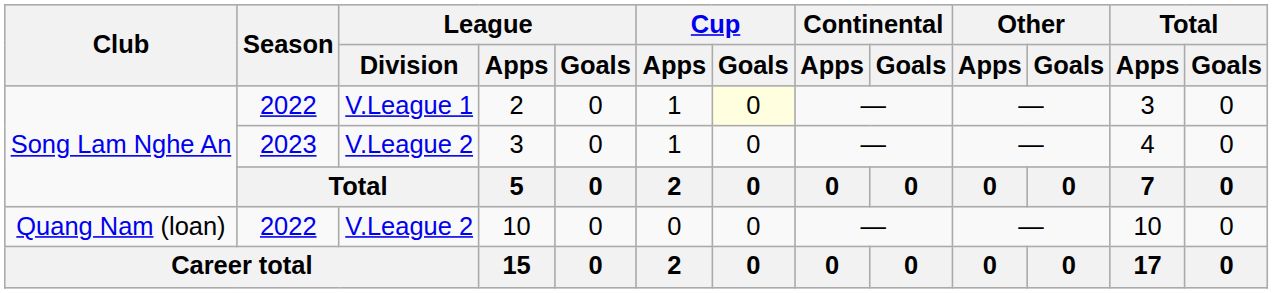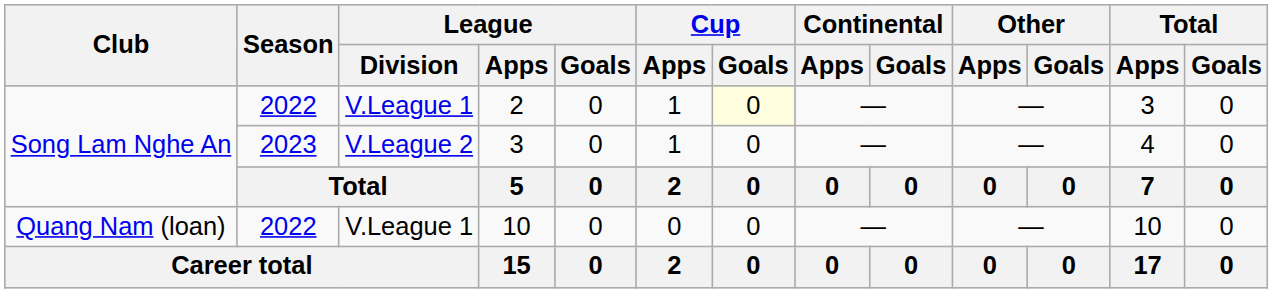 <table class="wikitable" style="text-align: center">
 <tr>
 <th rowspan="2">Club</th>
 <th rowspan="2">Season</th>
 <th colspan="3">League</th>
 <th colspan="2"><a href='#'>Cup</a></th>
 <th colspan="2">Continental</th>
 <th colspan="2">Other</th>
 <th colspan="2">Total</th>
 </tr>
 <tr>
 <th>Division</th>
 <th>Apps</th>
 <th>Goals</th>
 <th>Apps</th>
 <th>Goals</th>
 <th>Apps</th>
 <th>Goals</th>
 <th>Apps</th>
 <th>Goals</th>
 <th>Apps</th>
 <th>Goals</th>
 </tr>
 <tr>
 <td rowspan=3><a href='#'>Song Lam Nghe An</a></td>
 <td><a href='#'>2022</a></td>
 <td><a href='#'>V.League 1</a></td>
 <td>2</td>
 <td>0</td>
 <td>1</td>
 <td style="background: lightyellow;">0</td>
 <td colspan="2">—</td>
 <td colspan="2">—</td>
 <td>3</td>
 <td>0</td>
 </tr>
 <tr>
 <td><a href='#'>2023</a></td>
 <td><a href='#'>V.League 2</a></td>
 <td>3</td>
 <td>0</td>
 <td>1</td>
 <td>0</td>
 <td colspan="2">—</td>
 <td colspan="2">—</td>
 <td>4</td>
 <td>0</td>
 </tr>
 <tr>
 <th colspan=2>Total</th>
 <th>5</th>
 <th>0</th>
 <th>2</th>
 <th>0</th>
 <th>0</th>
 <th>0</th>
 <th>0</th>
 <th>0</th>
 <th>7</th>
 <th>0</th>
 </tr>
 <tr>
 <td><a href='#'>Quang Nam</a> (loan)</td>
 <td><a href='#'>2022</a></td>
-<td><a href='#'>V.League 2</a></td>
+<td>V.League 1</td>
 <td>10</td>
 <td>0</td>
 <td>0</td>
 <td>0</td>
 <td colspan="2">—</td>
 <td colspan="2">—</td>
 <td>10</td>
 <td>0</td>
 </tr>
 <tr>
 <th colspan=3>Career total</th>
 <th>15</th>
 <th>0</th>
 <th>2</th>
 <th>0</th>
 <th>0</th>
 <th>0</th>
 <th>0</th>
 <th>0</th>
 <th>17</th>
 <th>0</th>
 </tr>
 </table>
